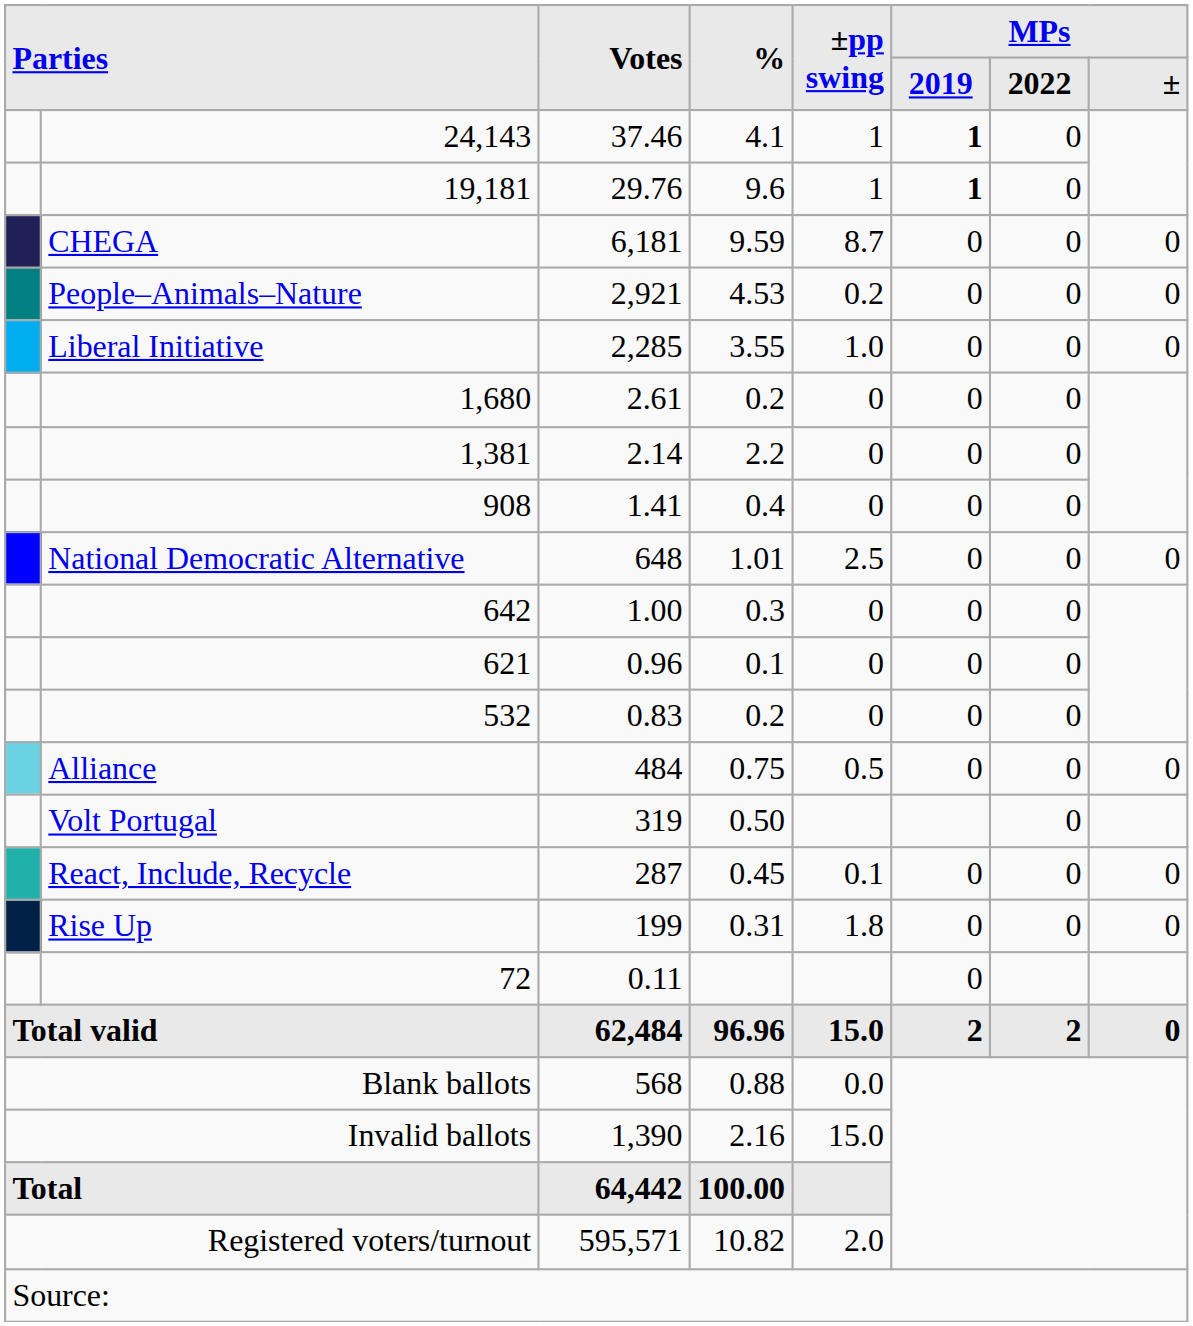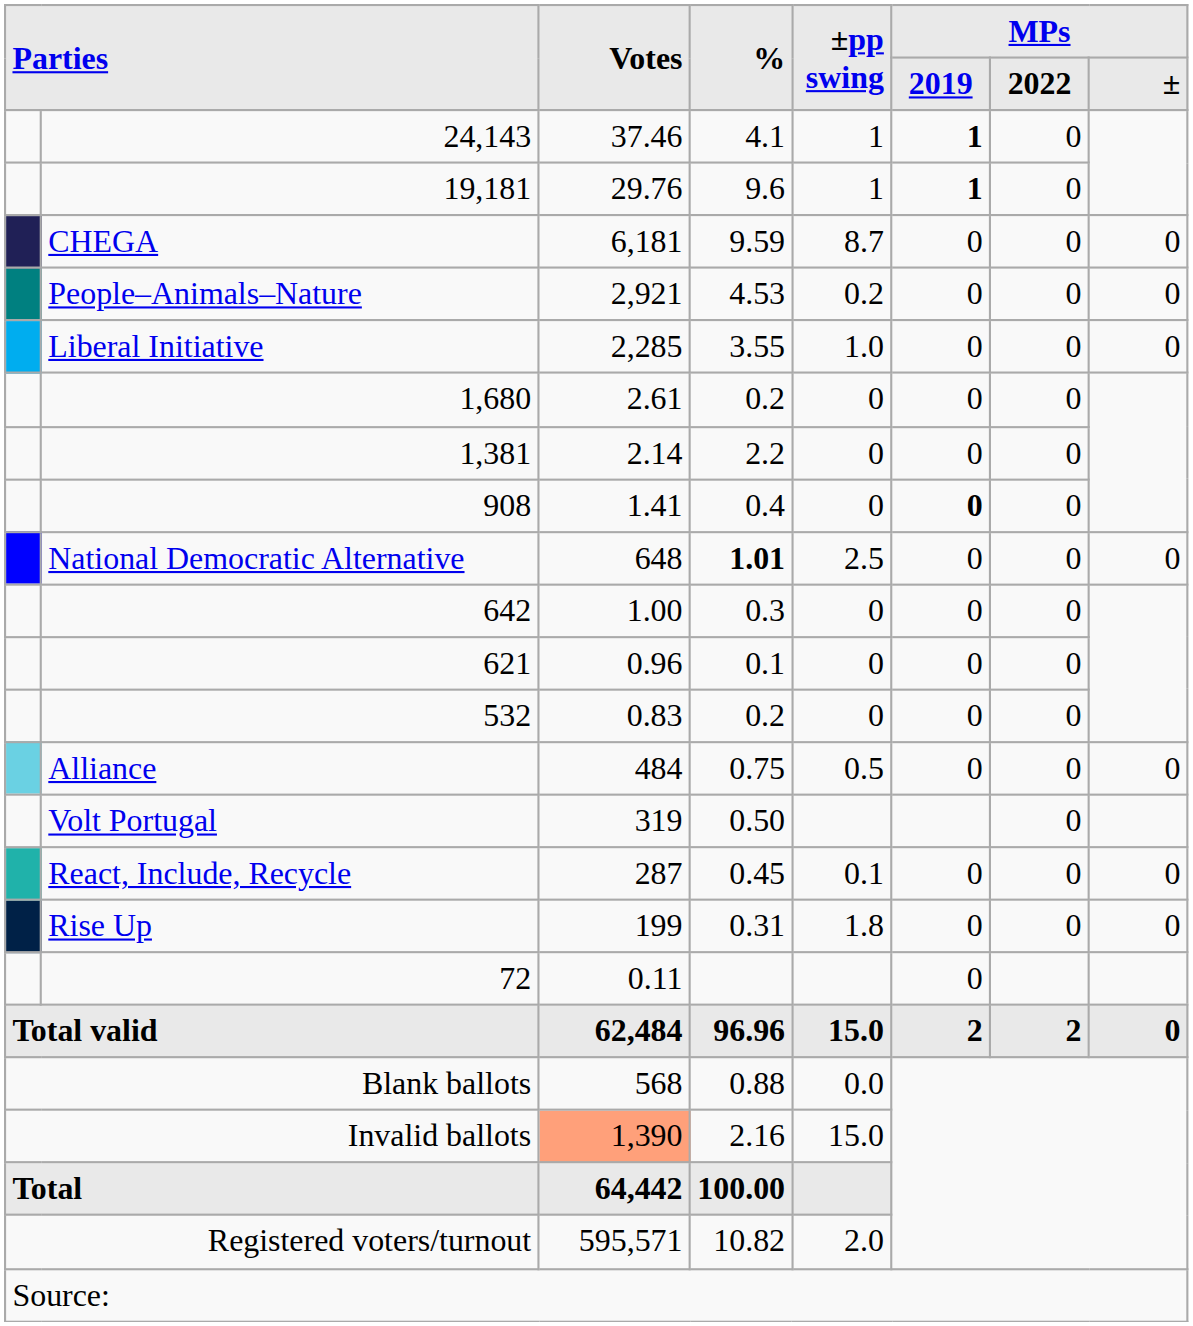 <table class="wikitable" style="text-align:right; font-size:95%;">
 <tr>
 <th rowspan="2" colspan="2" style="background:#e9e9e9; text-align:left;" alignleft><a href='#'>Parties</a></th>
 <th rowspan="2" style="background:#e9e9e9; text-align:right;">Votes</th>
 <th rowspan="2" style="background:#e9e9e9; text-align:right;">%</th>
 <th rowspan="2" style="background:#e9e9e9; text-align:right;">±<a href='#'>pp</a> <a href='#'>swing</a></th>
 <th colspan="3" style="background:#e9e9e9; text-align:center;"><a href='#'>MPs</a></th>
 </tr>
 <tr style="background-color:#E9E9E9">
 <th style="background-color:#E9E9E9;text-align:center;"><a href='#'>2019</a></th>
 <th style="background-color:#E9E9E9;text-align:center;">2022</th>
 <th style="background:#e9e9e9; text-align:right;">±</th>
 </tr>
 <tr>
 <td></td>
 <td>24,143</td>
 <td>37.46</td>
 <td>4.1</td>
 <td>1</td>
 <td><strong>1</strong></td>
 <td>0</td>
 </tr>
 <tr>
 <td></td>
 <td>19,181</td>
 <td>29.76</td>
 <td>9.6</td>
 <td>1</td>
 <td><strong>1</strong></td>
 <td>0</td>
 </tr>
 <tr>
 <td style="width: 10px" bgcolor="#202056" align="center"></td>
 <td align="left"><a href='#'>CHEGA</a></td>
 <td>6,181</td>
 <td>9.59</td>
 <td>8.7</td>
 <td>0</td>
 <td>0</td>
 <td>0</td>
 </tr>
 <tr>
 <td style="width: 10px" bgcolor="teal" align="center"></td>
 <td align="left"><a href='#'>People–Animals–Nature</a></td>
 <td>2,921</td>
 <td>4.53</td>
 <td>0.2</td>
 <td>0</td>
 <td>0</td>
 <td>0</td>
 </tr>
 <tr>
 <td style="width: 10px" bgcolor="#00ADEF" align="center"></td>
 <td align="left"><a href='#'>Liberal Initiative</a></td>
 <td>2,285</td>
 <td>3.55</td>
 <td>1.0</td>
 <td>0</td>
 <td>0</td>
 <td>0</td>
 </tr>
 <tr>
 <td></td>
 <td>1,680</td>
 <td>2.61</td>
 <td>0.2</td>
 <td>0</td>
 <td>0</td>
 <td>0</td>
 </tr>
 <tr>
 <td></td>
 <td>1,381</td>
 <td>2.14</td>
 <td>2.2</td>
 <td>0</td>
 <td>0</td>
 <td>0</td>
 </tr>
 <tr>
 <td></td>
 <td>908</td>
 <td>1.41</td>
 <td>0.4</td>
 <td>0</td>
-<td>0</td>
+<td><strong>0</strong></td>
 <td>0</td>
 </tr>
 <tr>
 <td style="width: 10px" bgcolor="blue" align="center"></td>
 <td align="left"><a href='#'>National Democratic Alternative</a></td>
 <td>648</td>
-<td>1.01</td>
+<td><strong>1.01</strong></td>
 <td>2.5</td>
 <td>0</td>
 <td>0</td>
 <td>0</td>
 </tr>
 <tr>
 <td></td>
 <td>642</td>
 <td>1.00</td>
 <td>0.3</td>
 <td>0</td>
 <td>0</td>
 <td>0</td>
 </tr>
 <tr>
 <td></td>
 <td>621</td>
 <td>0.96</td>
 <td>0.1</td>
 <td>0</td>
 <td>0</td>
 <td>0</td>
 </tr>
 <tr>
 <td></td>
 <td>532</td>
 <td>0.83</td>
 <td>0.2</td>
 <td>0</td>
 <td>0</td>
 <td>0</td>
 </tr>
 <tr>
 <td style="width: 10px" bgcolor="#6AD1E3" align="center"></td>
 <td align="left"><a href='#'>Alliance</a></td>
 <td>484</td>
 <td>0.75</td>
 <td>0.5</td>
 <td>0</td>
 <td>0</td>
 <td>0</td>
 </tr>
 <tr>
 <td style="width: 10px"></td>
 <td align="left"><a href='#'>Volt Portugal</a></td>
 <td>319</td>
 <td>0.50</td>
 <td></td>
 <td></td>
 <td>0</td>
 <td></td>
 </tr>
 <tr>
 <td style="width: 10px" bgcolor="LightSeaGreen" align="center"></td>
 <td align="left"><a href='#'>React, Include, Recycle</a></td>
 <td>287</td>
 <td>0.45</td>
 <td>0.1</td>
 <td>0</td>
 <td>0</td>
 <td>0</td>
 </tr>
 <tr>
 <td style="width: 10px" bgcolor="#002147" align="center"></td>
 <td align="left"><a href='#'>Rise Up</a></td>
 <td>199</td>
 <td>0.31</td>
 <td>1.8</td>
 <td>0</td>
 <td>0</td>
 <td>0</td>
 </tr>
 <tr>
 <td></td>
 <td>72</td>
 <td>0.11</td>
 <td></td>
 <td></td>
 <td>0</td>
 <td></td>
 </tr>
 <tr>
 <td colspan=2 width="247" align=left style="background-color:#E9E9E9"><strong>Total valid</strong></td>
 <td width="65" align="right" style="background-color:#E9E9E9"><strong>62,484</strong></td>
 <td width="40" align="right" style="background-color:#E9E9E9"><strong>96.96</strong></td>
 <td width="40" align="right" style="background-color:#E9E9E9"><strong>15.0</strong></td>
 <td width="40" align="right" style="background-color:#E9E9E9"><strong>2</strong></td>
 <td width="40" align="right" style="background-color:#E9E9E9"><strong>2</strong></td>
 <td width="40" align="right" style="background-color:#E9E9E9"><strong>0</strong></td>
 </tr>
 <tr>
 <td colspan=2>Blank ballots</td>
 <td>568</td>
 <td>0.88</td>
 <td>0.0</td>
 <td colspan=4 rowspan=4></td>
 </tr>
 <tr>
 <td colspan=2>Invalid ballots</td>
-<td>1,390</td>
+<td style="background: lightsalmon;">1,390</td>
 <td>2.16</td>
 <td>15.0</td>
 </tr>
 <tr>
 <td colspan=2 align=left style="background-color:#E9E9E9"><strong>Total</strong></td>
 <td width="50" align="right" style="background-color:#E9E9E9"><strong>64,442</strong></td>
 <td width="40" align="right" style="background-color:#E9E9E9"><strong>100.00</strong></td>
 <td width="40" align="right" style="background-color:#E9E9E9"></td>
 </tr>
 <tr>
 <td colspan=2>Registered voters/turnout</td>
 <td>595,571</td>
 <td>10.82</td>
 <td>2.0</td>
 </tr>
 <tr>
 <td colspan=11 align=left>Source: </td>
 </tr>
 </table>
